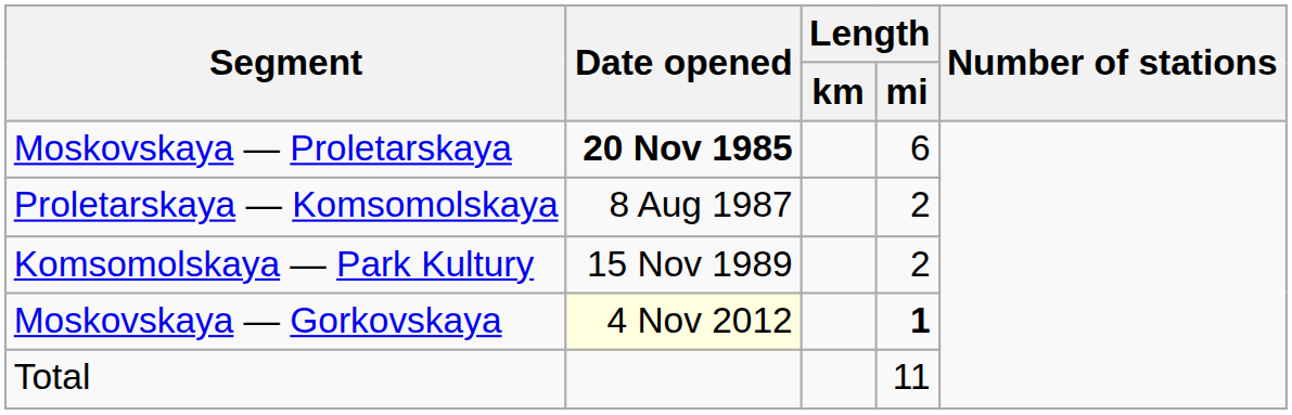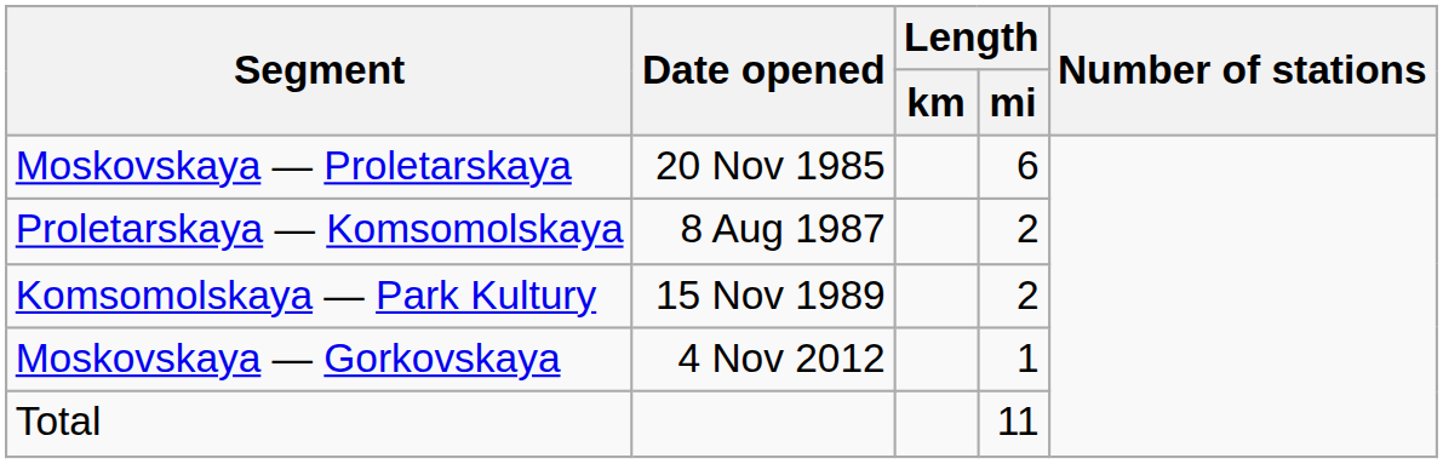 <table class="wikitable" style="border-collapse: collapse; text-align: left;">
 <tr>
 <th rowspan=2>Segment</th>
 <th rowspan=2>Date opened</th>
 <th colspan=2>Length</th>
 <th rowspan=2>Number of stations</th>
 </tr>
 <tr>
 <th>km</th>
 <th>mi</th>
 </tr>
 <tr>
 <td style="text-align: left;"><a href='#'>Moskovskaya</a> — <a href='#'>Proletarskaya</a></td>
-<td align=right><strong>20 Nov 1985</strong></td>
+<td align=right>20 Nov 1985</td>
 <td></td>
 <td align=right>6</td>
 </tr>
 <tr>
 <td style="text-align: left;"><a href='#'>Proletarskaya</a> — <a href='#'>Komsomolskaya</a></td>
 <td align=right>8 Aug 1987</td>
 <td></td>
 <td align=right>2</td>
 </tr>
 <tr>
 <td style="text-align: left;"><a href='#'>Komsomolskaya</a> — <a href='#'>Park Kultury</a></td>
 <td align=right>15 Nov 1989</td>
 <td></td>
 <td align=right>2</td>
 </tr>
 <tr>
 <td style="text-align: left;"><a href='#'>Moskovskaya</a> — <a href='#'>Gorkovskaya</a></td>
-<td align=right style="background: lightyellow;">4 Nov 2012</td>
+<td align=right>4 Nov 2012</td>
 <td></td>
-<td align=right><strong>1</strong></td>
+<td align=right>1</td>
 </tr>
 <tr>
 <td style="text-align: left;">Total</td>
 <td></td>
 <td></td>
 <td align=right>11</td>
 </tr>
 </table>
